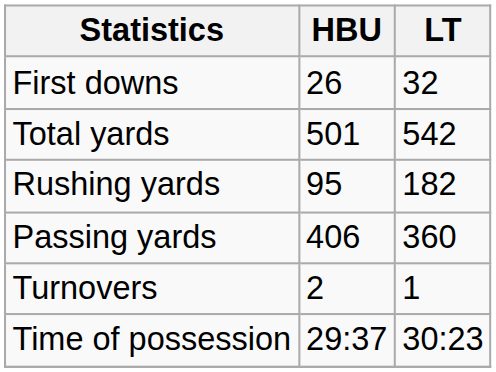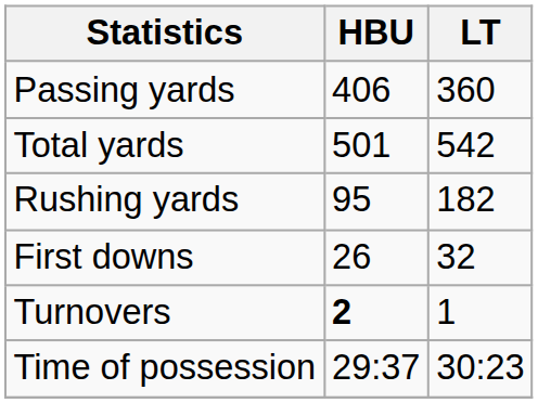 <table class="wikitable" style="float: left;">
 <tr>
 <th>Statistics</th>
 <th>HBU</th>
 <th>LT</th>
 </tr>
 <tr>
-<td>First downs</td>
-<td>26</td>
-<td>32</td>
+<td>Passing yards</td>
+<td>406</td>
+<td>360</td>
 </tr>
 <tr>
 <td>Total yards</td>
 <td>501</td>
 <td>542</td>
 </tr>
 <tr>
 <td>Rushing yards</td>
 <td>95</td>
 <td>182</td>
 </tr>
 <tr>
-<td>Passing yards</td>
-<td>406</td>
-<td>360</td>
+<td>First downs</td>
+<td>26</td>
+<td>32</td>
 </tr>
 <tr>
 <td>Turnovers</td>
-<td>2</td>
+<td><strong>2</strong></td>
 <td>1</td>
 </tr>
 <tr>
 <td>Time of possession</td>
 <td>29:37</td>
 <td>30:23</td>
 </tr>
 <tr>
 </tr>
 </table>
